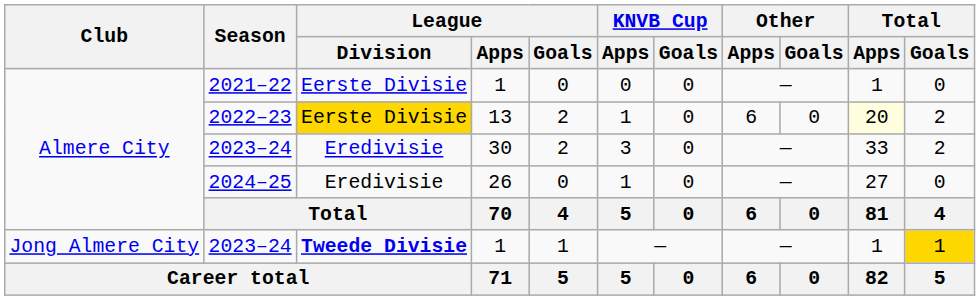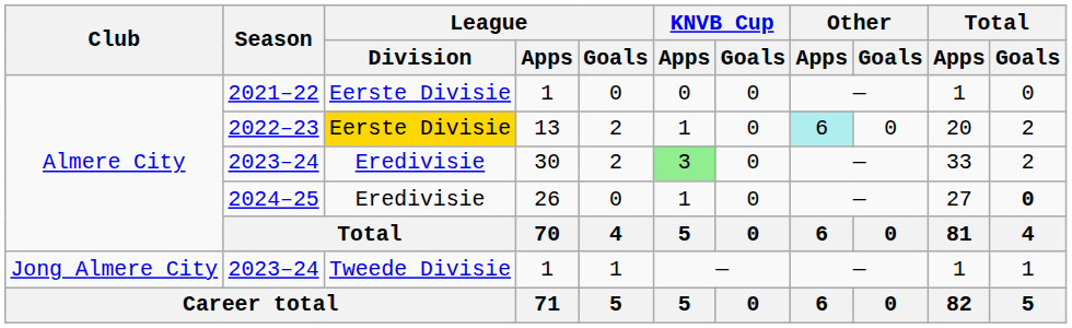 <table class="wikitable" style="text-align:center">
 <tr>
 <th rowspan="2">Club</th>
 <th rowspan="2">Season</th>
 <th colspan="3">League</th>
 <th colspan="2"><a href='#'>KNVB Cup</a></th>
 <th colspan="2">Other</th>
 <th colspan="2">Total</th>
 </tr>
 <tr>
 <th>Division</th>
 <th>Apps</th>
 <th>Goals</th>
 <th>Apps</th>
 <th>Goals</th>
 <th>Apps</th>
 <th>Goals</th>
 <th>Apps</th>
 <th>Goals</th>
 </tr>
 <tr>
 <td rowspan="5"><a href='#'>Almere City</a></td>
 <td><a href='#'>2021–22</a></td>
 <td><a href='#'>Eerste Divisie</a></td>
 <td>1</td>
 <td>0</td>
 <td>0</td>
 <td>0</td>
 <td colspan="2">—</td>
 <td>1</td>
 <td>0</td>
 </tr>
 <tr>
 <td><a href='#'>2022–23</a></td>
 <td style="background: gold;">Eerste Divisie</td>
 <td>13</td>
 <td>2</td>
 <td>1</td>
 <td>0</td>
-<td>6</td>
+<td style="background: paleturquoise;">6</td>
 <td>0</td>
-<td style="background: lightyellow;">20</td>
+<td>20</td>
 <td>2</td>
 </tr>
 <tr>
 <td><a href='#'>2023–24</a></td>
 <td><a href='#'>Eredivisie</a></td>
 <td>30</td>
 <td>2</td>
-<td>3</td>
+<td style="background: lightgreen;">3</td>
 <td>0</td>
 <td colspan="2">—</td>
 <td>33</td>
 <td>2</td>
 </tr>
 <tr>
 <td><a href='#'>2024–25</a></td>
 <td>Eredivisie</td>
 <td>26</td>
 <td>0</td>
 <td>1</td>
 <td>0</td>
 <td colspan="2">—</td>
 <td>27</td>
-<td>0</td>
+<td><strong>0</strong></td>
 </tr>
 <tr>
 <th colspan="2">Total</th>
 <th>70</th>
 <th>4</th>
 <th>5</th>
 <th>0</th>
 <th>6</th>
 <th>0</th>
 <th>81</th>
 <th>4</th>
 </tr>
 <tr>
 <td><a href='#'>Jong Almere City</a></td>
 <td><a href='#'>2023–24</a></td>
-<td><strong><a href='#'>Tweede Divisie</a></strong></td>
+<td><a href='#'>Tweede Divisie</a></td>
 <td>1</td>
 <td>1</td>
 <td colspan="2">—</td>
 <td colspan="2">—</td>
 <td>1</td>
-<td style="background: gold;">1</td>
+<td>1</td>
 </tr>
 <tr>
 <th colspan="3">Career total</th>
 <th>71</th>
 <th>5</th>
 <th>5</th>
 <th>0</th>
 <th>6</th>
 <th>0</th>
 <th>82</th>
 <th>5</th>
 </tr>
 </table>
